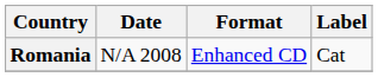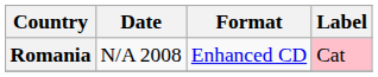 <table class="wikitable plainrowheaders unsortable">
 <tr>
 <th>Country</th>
 <th>Date</th>
 <th>Format</th>
 <th>Label</th>
 </tr>
 <tr>
 <th scope="row">Romania</th>
 <td rowspan="1">N/A 2008</td>
 <td rowspan="1"><a href='#'>Enhanced CD</a></td>
-<td rowspan="1">Cat</td>
+<td rowspan="1" style="background: pink;">Cat</td>
 </tr>
 <tr>
 </tr>
 </table>
